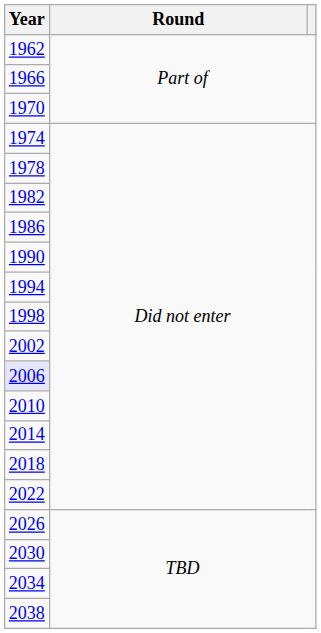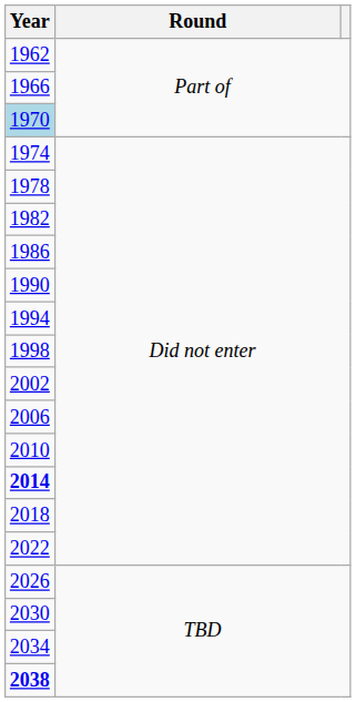 <table class="wikitable" style="text-align: center; font-size:90%">
 <tr>
 <th>Year</th>
 <th style="width:200px">Round</th>
 <th></th>
 </tr>
 <tr>
 <td><a href='#'>1962</a></td>
 <td colspan="2" rowspan="3"><em>Part of </em></td>
 </tr>
 <tr>
 <td><a href='#'>1966</a></td>
 </tr>
 <tr>
-<td><a href='#'>1970</a></td>
+<td style="background: lightblue;"><a href='#'>1970</a></td>
 </tr>
 <tr>
 <td><a href='#'>1974</a></td>
 <td colspan="2" rowspan="13"><em>Did not enter</em></td>
 </tr>
 <tr>
 <td><a href='#'>1978</a></td>
 </tr>
 <tr>
 <td><a href='#'>1982</a></td>
 </tr>
 <tr>
 <td><a href='#'>1986</a></td>
 </tr>
 <tr>
 <td><a href='#'>1990</a></td>
 </tr>
 <tr>
 <td><a href='#'>1994</a></td>
 </tr>
 <tr>
 <td><a href='#'>1998</a></td>
 </tr>
 <tr>
 <td><a href='#'>2002</a></td>
 </tr>
 <tr>
-<td style="background: lavender;"><a href='#'>2006</a></td>
+<td><a href='#'>2006</a></td>
 </tr>
 <tr>
 <td><a href='#'>2010</a></td>
 </tr>
 <tr>
-<td><a href='#'>2014</a></td>
+<td><strong><a href='#'>2014</a></strong></td>
 </tr>
 <tr>
 <td><a href='#'>2018</a></td>
 </tr>
 <tr>
 <td><a href='#'>2022</a></td>
 </tr>
 <tr>
 <td><a href='#'>2026</a></td>
 <td colspan="2" rowspan="4"><em>TBD</em></td>
 </tr>
 <tr>
 <td><a href='#'>2030</a></td>
 </tr>
 <tr>
 <td><a href='#'>2034</a></td>
 </tr>
 <tr>
-<td><a href='#'>2038</a></td>
+<td><strong><a href='#'>2038</a></strong></td>
 </tr>
 </table>
